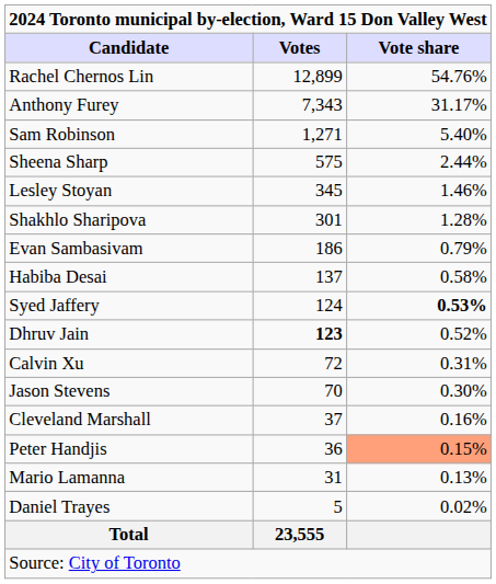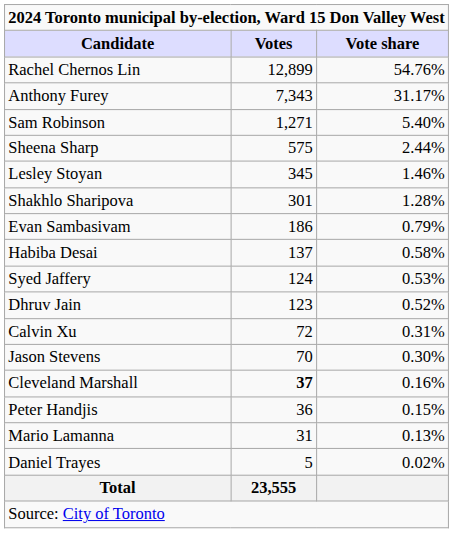 <table class="wikitable plainrowheaders">
 <tr>
 <td colspan="3"><strong>2024 Toronto municipal by-election, Ward 15 Don Valley West</strong></td>
 </tr>
 <tr>
 <th scope="col" style="background:#ddf;">Candidate</th>
 <th scope="col" style="background:#ddf;">Votes</th>
 <th scope="col" style="background:#ddf;">Vote share</th>
 </tr>
 <tr>
 <td scope="row">Rachel Chernos Lin</td>
 <td align="right">12,899</td>
 <td align="right">54.76%</td>
 </tr>
 <tr>
 <td scope="row">Anthony Furey</td>
 <td align="right">7,343</td>
 <td align="right">31.17%</td>
 </tr>
 <tr>
 <td scope="row">Sam Robinson</td>
 <td align="right">1,271</td>
 <td align="right">5.40%</td>
 </tr>
 <tr>
 <td scope="row">Sheena Sharp</td>
 <td align="right">575</td>
 <td align="right">2.44%</td>
 </tr>
 <tr>
 <td scope="row">Lesley Stoyan</td>
 <td align="right">345</td>
 <td align="right">1.46%</td>
 </tr>
 <tr>
 <td scope="row">Shakhlo Sharipova</td>
 <td align="right">301</td>
 <td align="right">1.28%</td>
 </tr>
 <tr>
 <td scope="row">Evan Sambasivam</td>
 <td align="right">186</td>
 <td align="right">0.79%</td>
 </tr>
 <tr>
 <td scope="row">Habiba Desai</td>
 <td align="right">137</td>
 <td align="right">0.58%</td>
 </tr>
 <tr>
 <td scope="row">Syed Jaffery</td>
 <td align="right">124</td>
-<td align="right"><strong>0.53%</strong></td>
+<td align="right">0.53%</td>
 </tr>
 <tr>
 <td scope="row">Dhruv Jain</td>
-<td align="right"><strong>123</strong></td>
+<td align="right">123</td>
 <td align="right">0.52%</td>
 </tr>
 <tr>
 <td scope="row">Calvin Xu</td>
 <td align="right">72</td>
 <td align="right">0.31%</td>
 </tr>
 <tr>
 <td scope="row">Jason Stevens</td>
 <td align="right">70</td>
 <td align="right">0.30%</td>
 </tr>
 <tr>
 <td scope="row">Cleveland Marshall</td>
-<td align="right">37</td>
+<td align="right"><strong>37</strong></td>
 <td align="right">0.16%</td>
 </tr>
 <tr>
 <td scope="row">Peter Handjis</td>
 <td align="right">36</td>
-<td align="right" style="background: lightsalmon;">0.15%</td>
+<td align="right">0.15%</td>
 </tr>
 <tr>
 <td scope="row">Mario Lamanna</td>
 <td align="right">31</td>
 <td align="right">0.13%</td>
 </tr>
 <tr>
 <td scope="row">Daniel Trayes</td>
 <td align="right">5</td>
 <td align="right">0.02%</td>
 </tr>
 <tr>
 <th scope="row"><strong>Total</strong></th>
 <th align="right">23,555</th>
 <th align="right"></th>
 </tr>
 <tr>
 <td colspan="3">Source: <a href='#'>City of Toronto</a></td>
 </tr>
 </table>
